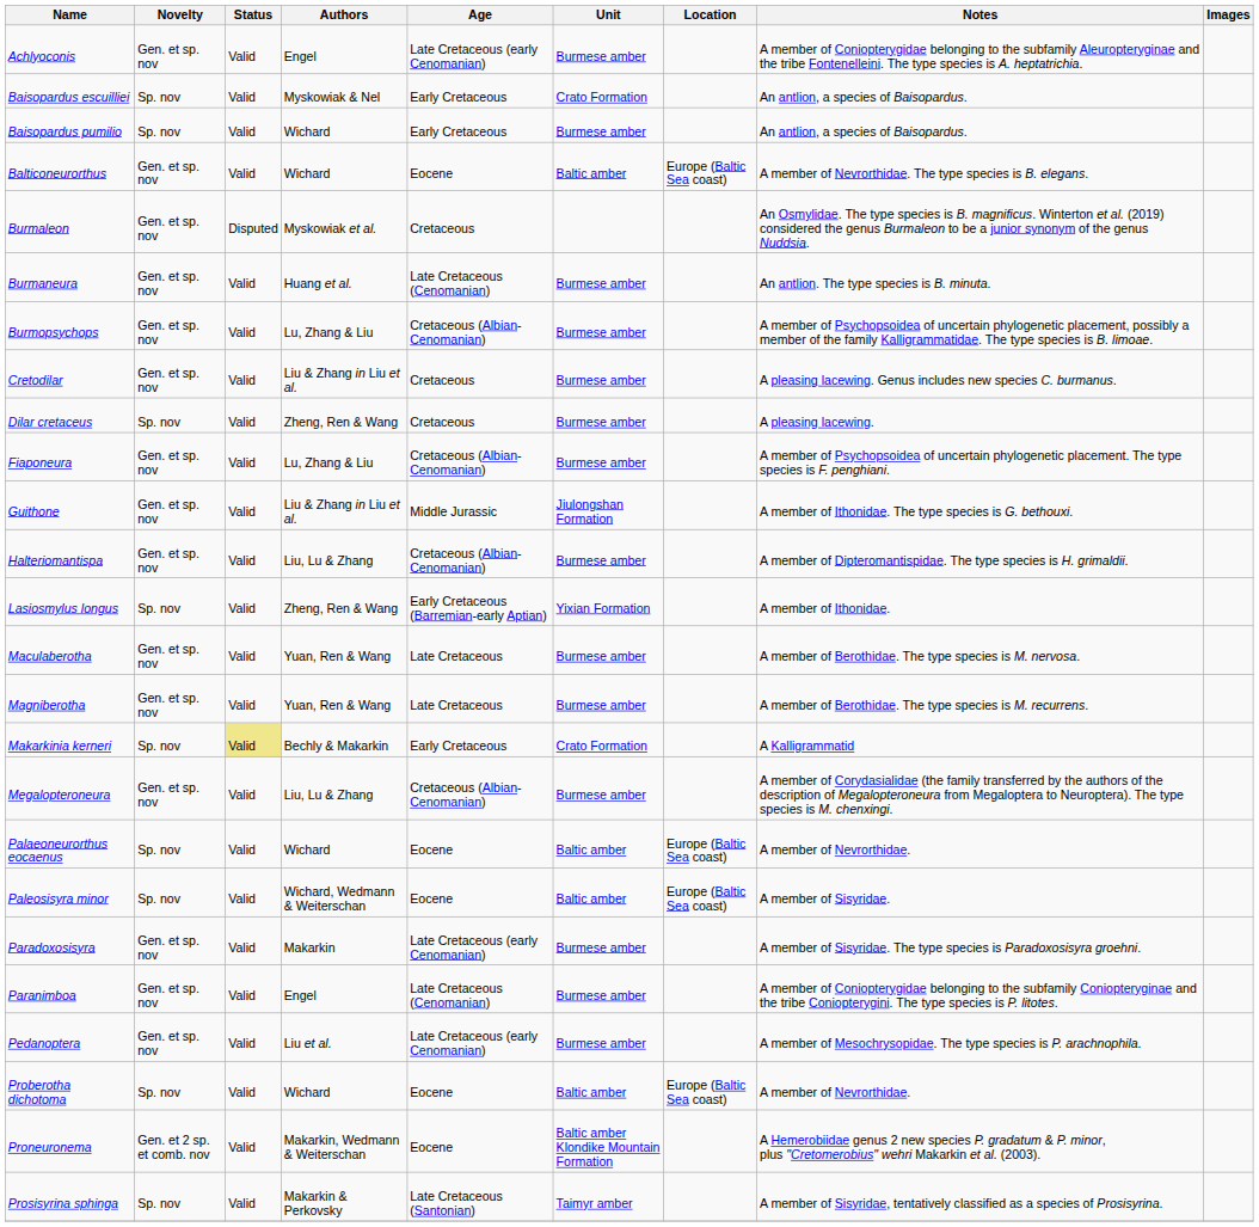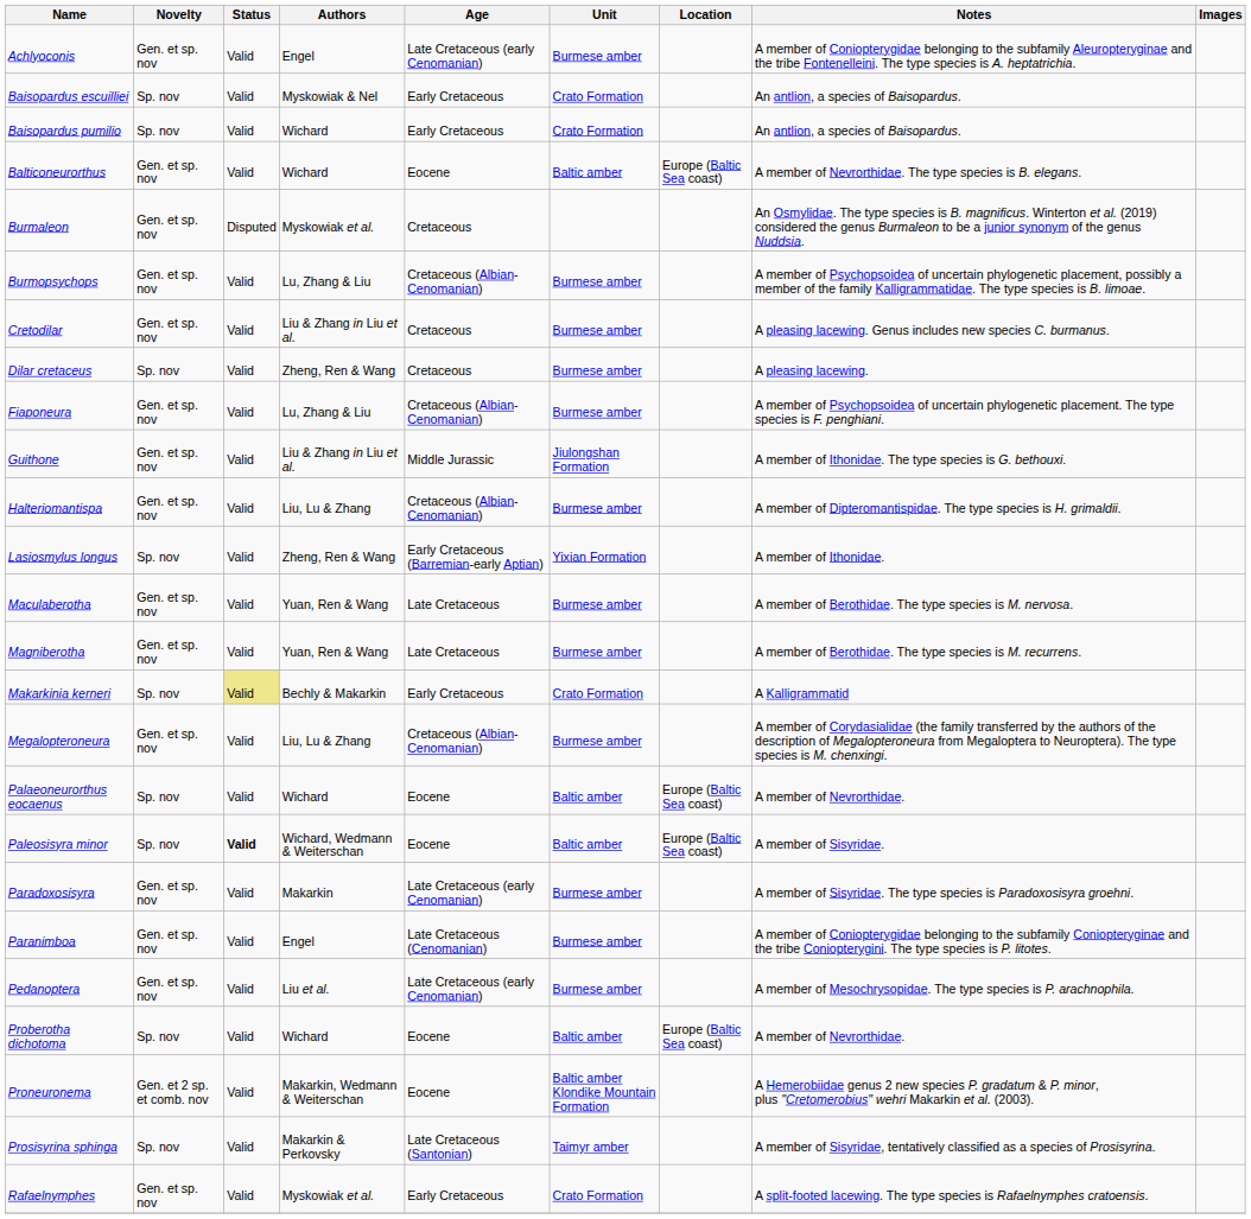 <table class="wikitable sortable" align="center" width="100%">
 <tr>
 <th>Name</th>
 <th>Novelty</th>
 <th>Status</th>
 <th>Authors</th>
 <th>Age</th>
 <th>Unit</th>
 <th>Location</th>
 <th>Notes</th>
 <th>Images</th>
 </tr>
 <tr>
 <td><br><em><a href='#'>Achlyoconis</a></em></td>
 <td><br>Gen. et sp. nov</td>
 <td><br>Valid</td>
 <td><br>Engel</td>
 <td><br>Late Cretaceous (early <a href='#'>Cenomanian</a>)</td>
 <td><br><a href='#'>Burmese amber</a></td>
 <td><br></td>
 <td><br>A member of <a href='#'>Coniopterygidae</a> belonging to the subfamily <a href='#'>Aleuropteryginae</a> and the tribe <a href='#'>Fontenelleini</a>. The type species is <em>A. heptatrichia</em>.</td>
 <td></td>
 </tr>
 <tr>
 <td><br><em><a href='#'>Baisopardus escuilliei</a></em></td>
 <td><br>Sp. nov</td>
 <td><br>Valid</td>
 <td><br>Myskowiak & Nel</td>
 <td><br>Early Cretaceous</td>
 <td><br><a href='#'>Crato Formation</a></td>
 <td><br></td>
 <td><br>An <a href='#'>antlion</a>, a species of <em>Baisopardus</em>.</td>
 <td></td>
 </tr>
 <tr>
 <td><br><em><a href='#'>Baisopardus pumilio</a></em></td>
 <td><br>Sp. nov</td>
 <td><br>Valid</td>
 <td><br>Wichard</td>
 <td><br>Early Cretaceous</td>
-<td><br><a href='#'>Burmese amber</a></td>
+<td><br><a href='#'>Crato Formation</a></td>
 <td><br></td>
 <td><br>An <a href='#'>antlion</a>, a species of <em>Baisopardus</em>.</td>
 <td></td>
 </tr>
 <tr>
 <td><br><em><a href='#'>Balticoneurorthus</a></em></td>
 <td><br>Gen. et sp. nov</td>
 <td><br>Valid</td>
 <td><br>Wichard</td>
 <td><br>Eocene</td>
 <td><br><a href='#'>Baltic amber</a></td>
 <td><br>Europe (<a href='#'>Baltic Sea</a> coast)</td>
 <td><br>A member of <a href='#'>Nevrorthidae</a>. The type species is <em>B. elegans</em>.</td>
 <td></td>
 </tr>
 <tr>
 <td><br><em><a href='#'>Burmaleon</a></em></td>
 <td><br>Gen. et sp. nov</td>
 <td><br>Disputed</td>
 <td><br>Myskowiak <em>et al.</em></td>
 <td><br>Cretaceous</td>
 <td></td>
 <td><br></td>
 <td><br>An <a href='#'>Osmylidae</a>. The type species is <em>B. magnificus</em>. Winterton <em>et al.</em> (2019) considered the genus <em>Burmaleon</em> to be a <a href='#'>junior synonym</a> of the genus <em><a href='#'>Nuddsia</a></em>.</td>
-<td></td>
-</tr>
-<tr>
-<td><br><em><a href='#'>Burmaneura</a></em></td>
-<td><br>Gen. et sp. nov</td>
-<td><br>Valid</td>
-<td><br>Huang <em>et al.</em></td>
-<td><br>Late Cretaceous (<a href='#'>Cenomanian</a>)</td>
-<td><br><a href='#'>Burmese amber</a></td>
-<td><br></td>
-<td><br>An <a href='#'>antlion</a>. The type species is <em>B. minuta</em>.</td>
 <td></td>
 </tr>
 <tr>
 <td><br><em><a href='#'>Burmopsychops</a></em></td>
 <td><br>Gen. et sp. nov</td>
 <td><br>Valid</td>
 <td><br>Lu, Zhang & Liu</td>
 <td><br>Cretaceous (<a href='#'>Albian</a>-<a href='#'>Cenomanian</a>)</td>
 <td><br><a href='#'>Burmese amber</a></td>
 <td><br></td>
 <td><br>A member of <a href='#'>Psychopsoidea</a> of uncertain phylogenetic placement, possibly a member of the family <a href='#'>Kalligrammatidae</a>. The type species is <em>B. limoae</em>.</td>
 <td><br></td>
 </tr>
 <tr>
 <td><br><em><a href='#'>Cretodilar</a></em></td>
 <td><br>Gen. et sp. nov</td>
 <td><br>Valid</td>
 <td><br>Liu & Zhang <em>in</em> Liu <em>et al.</em></td>
 <td><br>Cretaceous</td>
 <td><br><a href='#'>Burmese amber</a></td>
 <td><br></td>
 <td><br>A <a href='#'>pleasing lacewing</a>. Genus includes new species <em>C. burmanus</em>.</td>
 <td></td>
 </tr>
 <tr>
 <td><br><em><a href='#'>Dilar cretaceus</a></em></td>
 <td><br>Sp. nov</td>
 <td><br>Valid</td>
 <td><br>Zheng, Ren & Wang</td>
 <td><br>Cretaceous</td>
 <td><br><a href='#'>Burmese amber</a></td>
 <td><br></td>
 <td><br>A <a href='#'>pleasing lacewing</a>.</td>
 <td></td>
 </tr>
 <tr>
 <td><br><em><a href='#'>Fiaponeura</a></em></td>
 <td><br>Gen. et sp. nov</td>
 <td><br>Valid</td>
 <td><br>Lu, Zhang & Liu</td>
 <td><br>Cretaceous (<a href='#'>Albian</a>-<a href='#'>Cenomanian</a>)</td>
 <td><br><a href='#'>Burmese amber</a></td>
 <td><br></td>
 <td><br>A member of <a href='#'>Psychopsoidea</a> of uncertain phylogenetic placement. The type species is <em>F. penghiani</em>.</td>
 <td><br></td>
 </tr>
 <tr>
 <td><br><em><a href='#'>Guithone</a></em></td>
 <td><br>Gen. et sp. nov</td>
 <td><br>Valid</td>
 <td><br>Liu & Zhang <em>in</em> Liu <em>et al.</em></td>
 <td><br>Middle Jurassic</td>
 <td><br><a href='#'>Jiulongshan Formation</a></td>
 <td><br></td>
 <td><br>A member of <a href='#'>Ithonidae</a>. The type species is <em>G. bethouxi</em>.</td>
 <td></td>
 </tr>
 <tr>
 <td><br><em><a href='#'>Halteriomantispa</a></em></td>
 <td><br>Gen. et sp. nov</td>
 <td><br>Valid</td>
 <td><br>Liu, Lu & Zhang</td>
 <td><br>Cretaceous (<a href='#'>Albian</a>-<a href='#'>Cenomanian</a>)</td>
 <td><br><a href='#'>Burmese amber</a></td>
 <td><br></td>
 <td><br>A member of <a href='#'>Dipteromantispidae</a>. The type species is <em>H. grimaldii</em>.</td>
 <td><br></td>
 </tr>
 <tr>
 <td><br><em><a href='#'>Lasiosmylus longus</a></em></td>
 <td><br>Sp. nov</td>
 <td><br>Valid</td>
 <td><br>Zheng, Ren & Wang</td>
 <td><br>Early Cretaceous (<a href='#'>Barremian</a>-early <a href='#'>Aptian</a>)</td>
 <td><br><a href='#'>Yixian Formation</a></td>
 <td><br></td>
 <td><br>A member of <a href='#'>Ithonidae</a>.</td>
 <td></td>
 </tr>
 <tr>
 <td><br><em><a href='#'>Maculaberotha</a></em></td>
 <td><br>Gen. et sp. nov</td>
 <td><br>Valid</td>
 <td><br>Yuan, Ren & Wang</td>
 <td><br>Late Cretaceous</td>
 <td><br><a href='#'>Burmese amber</a></td>
 <td><br></td>
 <td><br>A member of <a href='#'>Berothidae</a>. The type species is <em>M. nervosa</em>.</td>
 <td></td>
 </tr>
 <tr>
 <td><br><em><a href='#'>Magniberotha</a></em></td>
 <td><br>Gen. et sp. nov</td>
 <td><br>Valid</td>
 <td><br>Yuan, Ren & Wang</td>
 <td><br>Late Cretaceous</td>
 <td><br><a href='#'>Burmese amber</a></td>
 <td><br></td>
 <td><br>A member of <a href='#'>Berothidae</a>. The type species is <em>M. recurrens</em>.</td>
 <td></td>
 </tr>
 <tr>
 <td><br><em><a href='#'>Makarkinia kerneri</a></em></td>
 <td><br>Sp. nov</td>
 <td style="background: khaki;"><br>Valid</td>
 <td><br>Bechly & Makarkin</td>
 <td><br>Early Cretaceous</td>
 <td><br><a href='#'>Crato Formation</a></td>
 <td><br></td>
 <td><br>A <a href='#'>Kalligrammatid</a></td>
 <td></td>
 </tr>
 <tr>
 <td><br><em><a href='#'>Megalopteroneura</a></em></td>
 <td><br>Gen. et sp. nov</td>
 <td><br>Valid</td>
 <td><br>Liu, Lu & Zhang</td>
 <td><br>Cretaceous (<a href='#'>Albian</a>-<a href='#'>Cenomanian</a>)</td>
 <td><br><a href='#'>Burmese amber</a></td>
 <td><br></td>
 <td><br>A member of <a href='#'>Corydasialidae</a> (the family transferred by the authors of the description of <em>Megalopteroneura</em> from Megaloptera to Neuroptera). The type species is <em>M. chenxingi</em>.</td>
 <td></td>
 </tr>
 <tr>
 <td><br><em><a href='#'>Palaeoneurorthus eocaenus</a></em></td>
 <td><br>Sp. nov</td>
 <td><br>Valid</td>
 <td><br>Wichard</td>
 <td><br>Eocene</td>
 <td><br><a href='#'>Baltic amber</a></td>
 <td><br>Europe (<a href='#'>Baltic Sea</a> coast)</td>
 <td><br>A member of <a href='#'>Nevrorthidae</a>.</td>
 <td></td>
 </tr>
 <tr>
 <td><br><em><a href='#'>Paleosisyra minor</a></em></td>
 <td><br>Sp. nov</td>
-<td><br>Valid</td>
+<td><strong><br>Valid</strong></td>
 <td><br>Wichard, Wedmann & Weiterschan</td>
 <td><br>Eocene</td>
 <td><br><a href='#'>Baltic amber</a></td>
 <td><br>Europe (<a href='#'>Baltic Sea</a> coast)</td>
 <td><br>A member of <a href='#'>Sisyridae</a>.</td>
 <td></td>
 </tr>
 <tr>
 <td><br><em><a href='#'>Paradoxosisyra</a></em></td>
 <td><br>Gen. et sp. nov</td>
 <td><br>Valid</td>
 <td><br>Makarkin</td>
 <td><br>Late Cretaceous (early <a href='#'>Cenomanian</a>)</td>
 <td><br><a href='#'>Burmese amber</a></td>
 <td><br></td>
 <td><br>A member of <a href='#'>Sisyridae</a>. The type species is <em>Paradoxosisyra groehni</em>.</td>
 <td></td>
 </tr>
 <tr>
 <td><br><em><a href='#'>Paranimboa</a></em></td>
 <td><br>Gen. et sp. nov</td>
 <td><br>Valid</td>
 <td><br>Engel</td>
 <td><br>Late Cretaceous (<a href='#'>Cenomanian</a>)</td>
 <td><br><a href='#'>Burmese amber</a></td>
 <td><br></td>
 <td><br>A member of <a href='#'>Coniopterygidae</a> belonging to the subfamily <a href='#'>Coniopteryginae</a> and the tribe <a href='#'>Coniopterygini</a>. The type species is <em>P. litotes</em>.</td>
 <td></td>
 </tr>
 <tr>
 <td><br><em><a href='#'>Pedanoptera</a></em></td>
 <td><br>Gen. et sp. nov</td>
 <td><br>Valid</td>
 <td><br>Liu <em>et al.</em></td>
 <td><br>Late Cretaceous (early <a href='#'>Cenomanian</a>)</td>
 <td><br><a href='#'>Burmese amber</a></td>
 <td><br></td>
 <td><br>A member of <a href='#'>Mesochrysopidae</a>. The type species is <em>P. arachnophila</em>.</td>
 <td></td>
 </tr>
 <tr>
 <td><br><em><a href='#'>Proberotha dichotoma</a></em></td>
 <td><br>Sp. nov</td>
 <td><br>Valid</td>
 <td><br>Wichard</td>
 <td><br>Eocene</td>
 <td><br><a href='#'>Baltic amber</a></td>
 <td><br>Europe (<a href='#'>Baltic Sea</a> coast)</td>
 <td><br>A member of <a href='#'>Nevrorthidae</a>.</td>
 <td></td>
 </tr>
 <tr>
 <td><br><em><a href='#'>Proneuronema</a></em></td>
 <td><br>Gen. et 2 sp. et comb. nov</td>
 <td><br>Valid</td>
 <td><br>Makarkin, Wedmann & Weiterschan</td>
 <td><br>Eocene</td>
 <td><br><a href='#'>Baltic amber</a><br> <a href='#'>Klondike Mountain Formation</a></td>
 <td><br><br> </td>
 <td><br>A <a href='#'>Hemerobiidae</a> genus 2 new species <em>P. gradatum</em> & <em>P. minor</em>, <br>plus <em>"<a href='#'>Cretomerobius</a>" wehri</em> Makarkin <em>et al.</em> (2003).</td>
 <td></td>
 </tr>
 <tr>
 <td><br><em><a href='#'>Prosisyrina sphinga</a></em></td>
 <td><br>Sp. nov</td>
 <td><br>Valid</td>
 <td><br>Makarkin & Perkovsky</td>
 <td><br>Late Cretaceous (<a href='#'>Santonian</a>)</td>
 <td><br><a href='#'>Taimyr amber</a></td>
 <td><br></td>
 <td><br>A member of <a href='#'>Sisyridae</a>, tentatively classified as a species of <em>Prosisyrina</em>.</td>
 <td></td>
 </tr>
 <tr>
+<td><br><em><a href='#'>Rafaelnymphes</a></em></td>
+<td><br>Gen. et sp. nov</td>
+<td><br>Valid</td>
+<td><br>Myskowiak <em>et al.</em></td>
+<td><br>Early Cretaceous</td>
+<td><br><a href='#'>Crato Formation</a></td>
+<td><br></td>
+<td><br>A <a href='#'>split-footed lacewing</a>. The type species is <em>Rafaelnymphes cratoensis</em>.</td>
+<td></td>
+</tr>
+<tr>
 </tr>
 </table>
